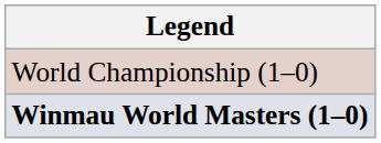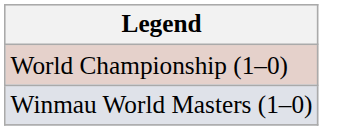 <table class="wikitable">
 <tr>
 <th>Legend</th>
 </tr>
 <tr style="background:#e5d1cb;">
 <td>World Championship (1–0)</td>
 </tr>
 <tr style="background:#dfe2e9;">
-<td><strong>Winmau World Masters (1–0)</strong></td>
+<td>Winmau World Masters (1–0)</td>
 </tr>
 </table>
